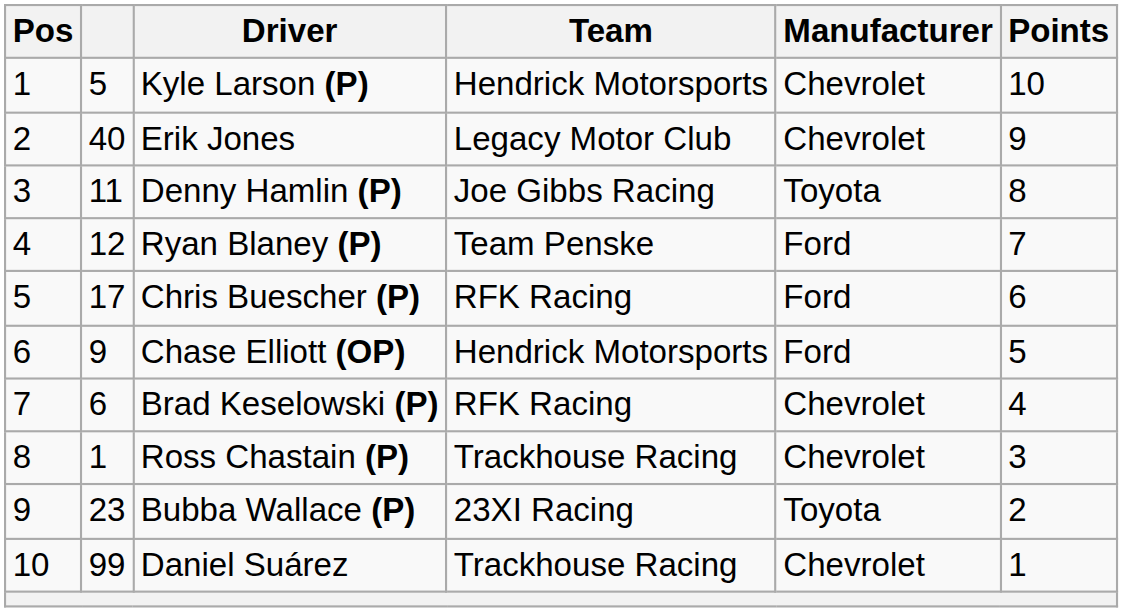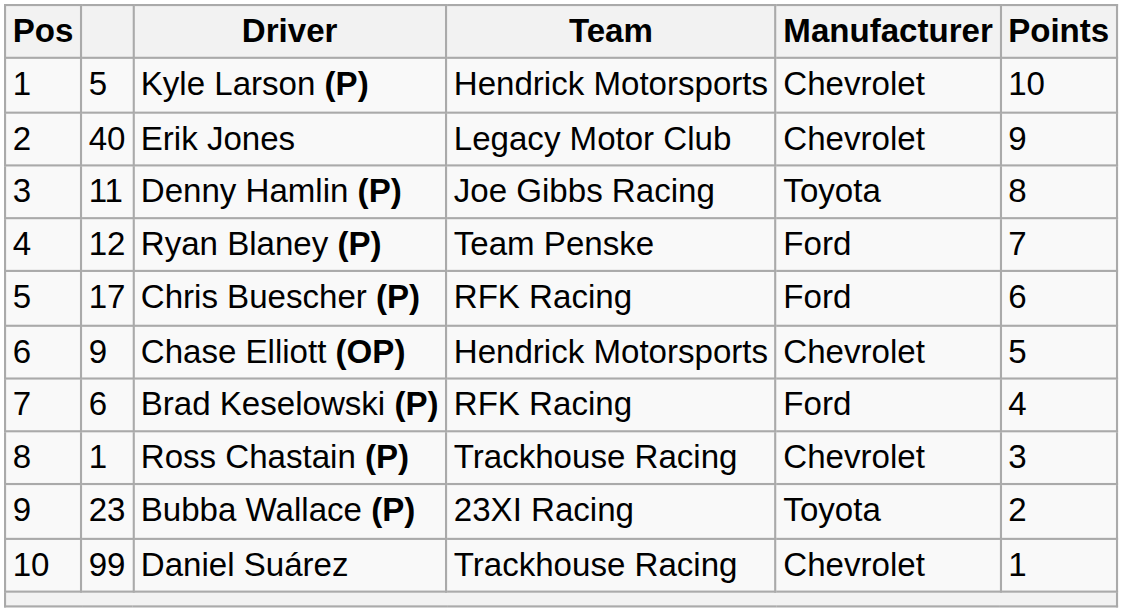 <table class="wikitable" style="font-size:98%">
 <tr>
 <th>Pos</th>
 <th></th>
 <th>Driver</th>
 <th>Team</th>
 <th>Manufacturer</th>
 <th>Points</th>
 </tr>
 <tr>
 <td>1</td>
 <td>5</td>
 <td>Kyle Larson <strong>(P)</strong></td>
 <td>Hendrick Motorsports</td>
 <td>Chevrolet</td>
 <td>10</td>
 </tr>
 <tr>
 <td>2</td>
 <td>40</td>
 <td>Erik Jones</td>
 <td>Legacy Motor Club</td>
 <td>Chevrolet</td>
 <td>9</td>
 </tr>
 <tr>
 <td>3</td>
 <td>11</td>
 <td>Denny Hamlin <strong>(P)</strong></td>
 <td>Joe Gibbs Racing</td>
 <td>Toyota</td>
 <td>8</td>
 </tr>
 <tr>
 <td>4</td>
 <td>12</td>
 <td>Ryan Blaney <strong>(P)</strong></td>
 <td>Team Penske</td>
 <td>Ford</td>
 <td>7</td>
 </tr>
 <tr>
 <td>5</td>
 <td>17</td>
 <td>Chris Buescher <strong>(P)</strong></td>
 <td>RFK Racing</td>
 <td>Ford</td>
 <td>6</td>
 </tr>
 <tr>
 <td>6</td>
 <td>9</td>
 <td>Chase Elliott <strong>(OP)</strong></td>
 <td>Hendrick Motorsports</td>
-<td>Ford</td>
+<td>Chevrolet</td>
 <td>5</td>
 </tr>
 <tr>
 <td>7</td>
 <td>6</td>
 <td>Brad Keselowski <strong>(P)</strong></td>
 <td>RFK Racing</td>
-<td>Chevrolet</td>
+<td>Ford</td>
 <td>4</td>
 </tr>
 <tr>
 <td>8</td>
 <td>1</td>
 <td>Ross Chastain <strong>(P)</strong></td>
 <td>Trackhouse Racing</td>
 <td>Chevrolet</td>
 <td>3</td>
 </tr>
 <tr>
 <td>9</td>
 <td>23</td>
 <td>Bubba Wallace <strong>(P)</strong></td>
 <td>23XI Racing</td>
 <td>Toyota</td>
 <td>2</td>
 </tr>
 <tr>
 <td>10</td>
 <td>99</td>
 <td>Daniel Suárez</td>
 <td>Trackhouse Racing</td>
 <td>Chevrolet</td>
 <td>1</td>
 </tr>
 <tr>
 <th colspan="6"></th>
 </tr>
 </table>
